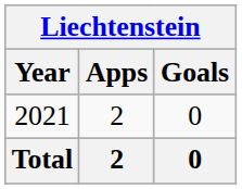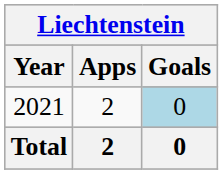 <table class="wikitable" style="text-align:center">
 <tr>
 <th colspan="3"><a href='#'>Liechtenstein</a></th>
 </tr>
 <tr>
 <th>Year</th>
 <th>Apps</th>
 <th>Goals</th>
 </tr>
 <tr>
 <td>2021</td>
 <td>2</td>
-<td>0</td>
+<td style="background: lightblue;">0</td>
 </tr>
 <tr>
 <th colspan="1">Total</th>
 <th>2</th>
 <th>0</th>
 </tr>
 </table>
